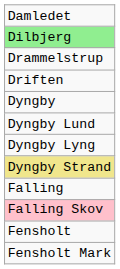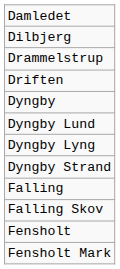 <table class="wikitable" style="float:left; margin-right:1em">
 <tr>
 <td>Damledet</td>
 </tr>
 <tr>
-<td style="background: lightgreen;">Dilbjerg</td>
+<td>Dilbjerg</td>
 </tr>
 <tr>
 <td>Drammelstrup</td>
 </tr>
 <tr>
 <td>Driften</td>
 </tr>
 <tr>
 <td>Dyngby</td>
 </tr>
 <tr>
 <td>Dyngby Lund</td>
 </tr>
 <tr>
 <td>Dyngby Lyng</td>
 </tr>
 <tr>
-<td style="background: khaki;">Dyngby Strand</td>
+<td>Dyngby Strand</td>
 </tr>
 <tr>
 <td>Falling</td>
 </tr>
 <tr>
-<td style="background: pink;">Falling Skov</td>
+<td>Falling Skov</td>
 </tr>
 <tr>
 <td>Fensholt</td>
 </tr>
 <tr>
 <td>Fensholt Mark</td>
 </tr>
 </table>
